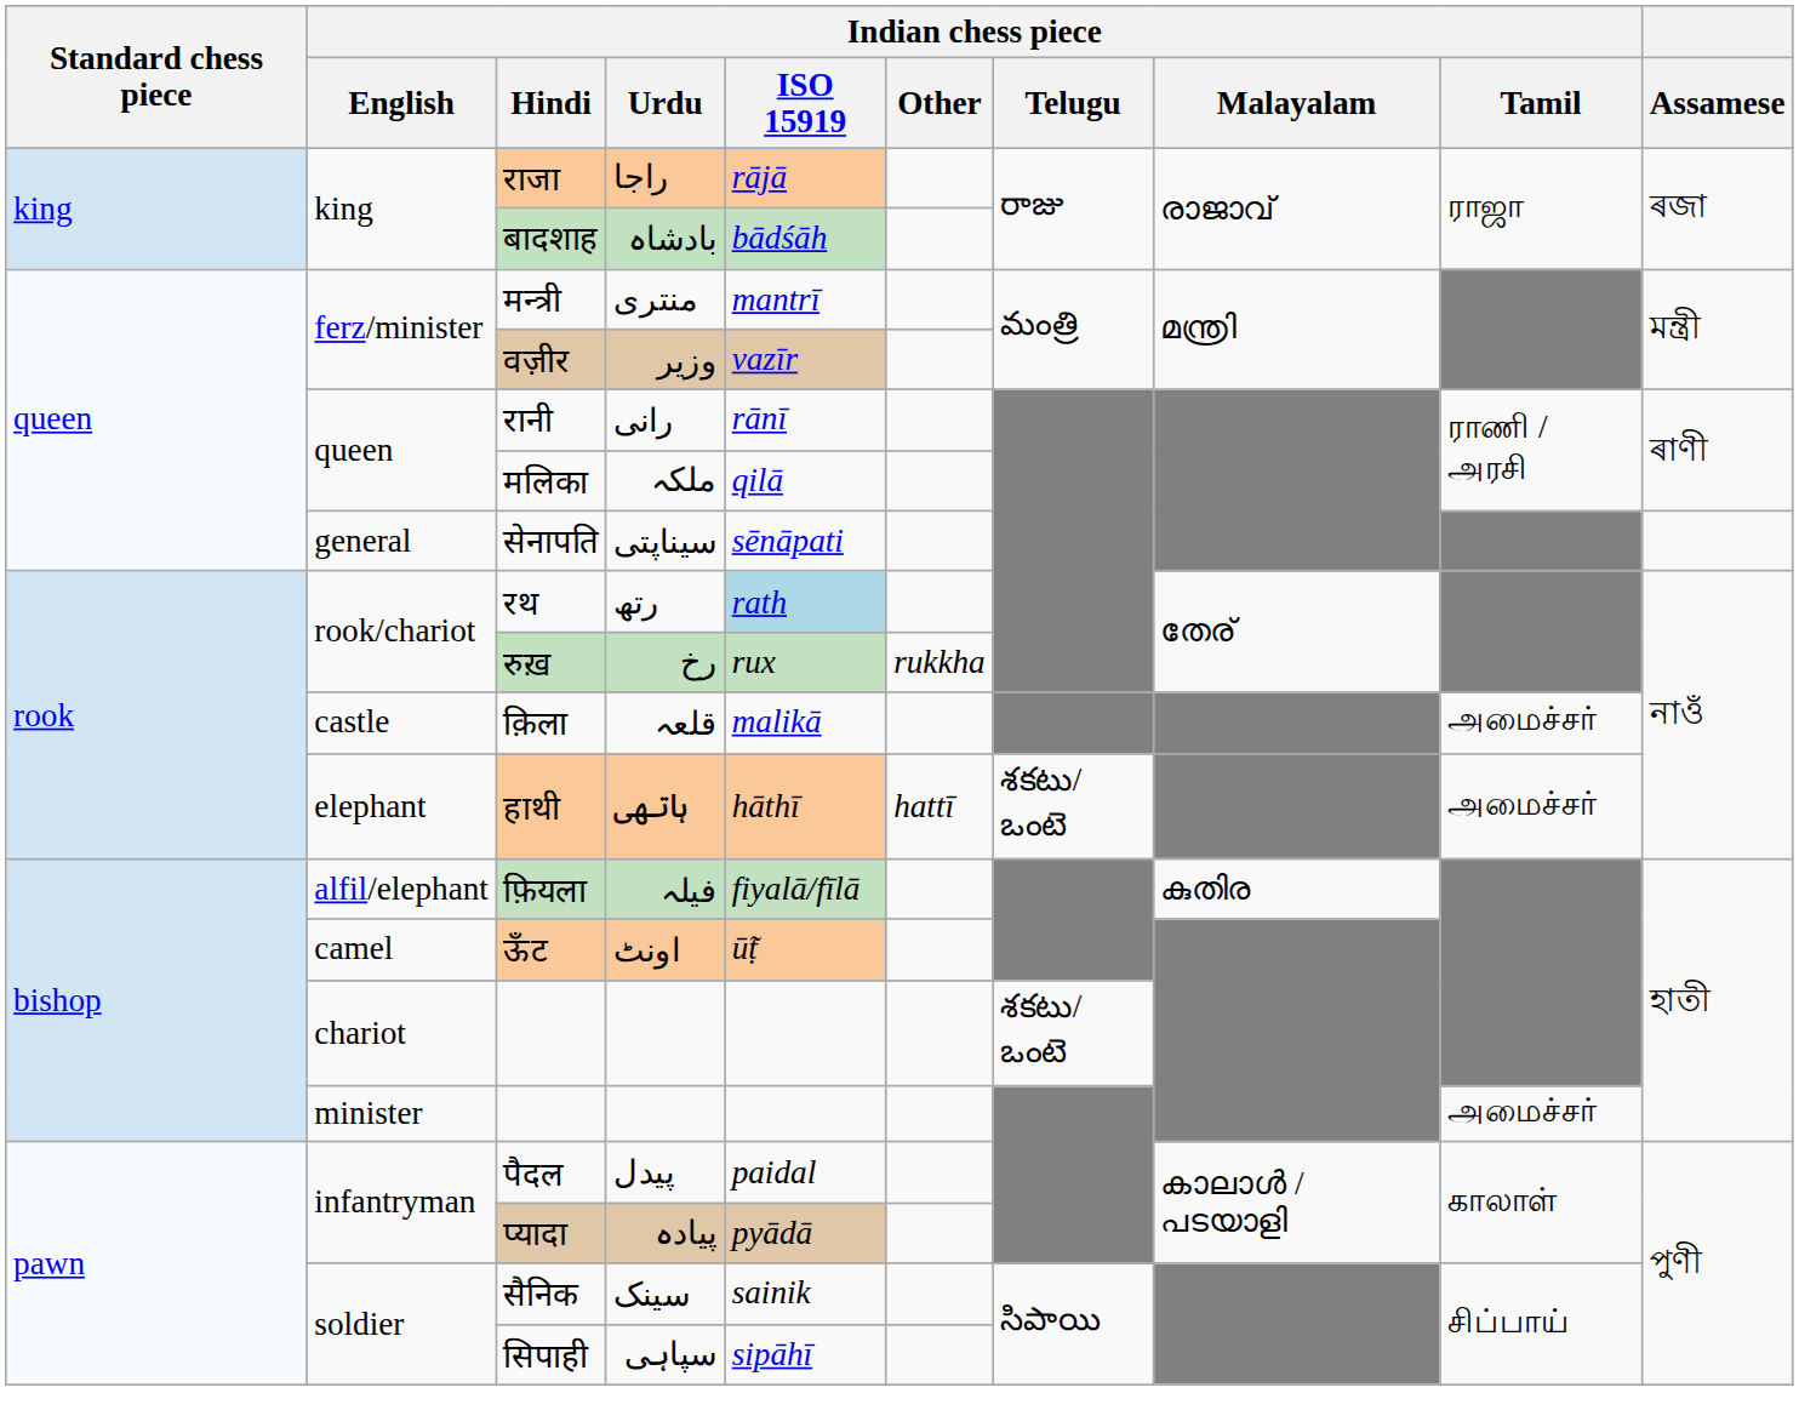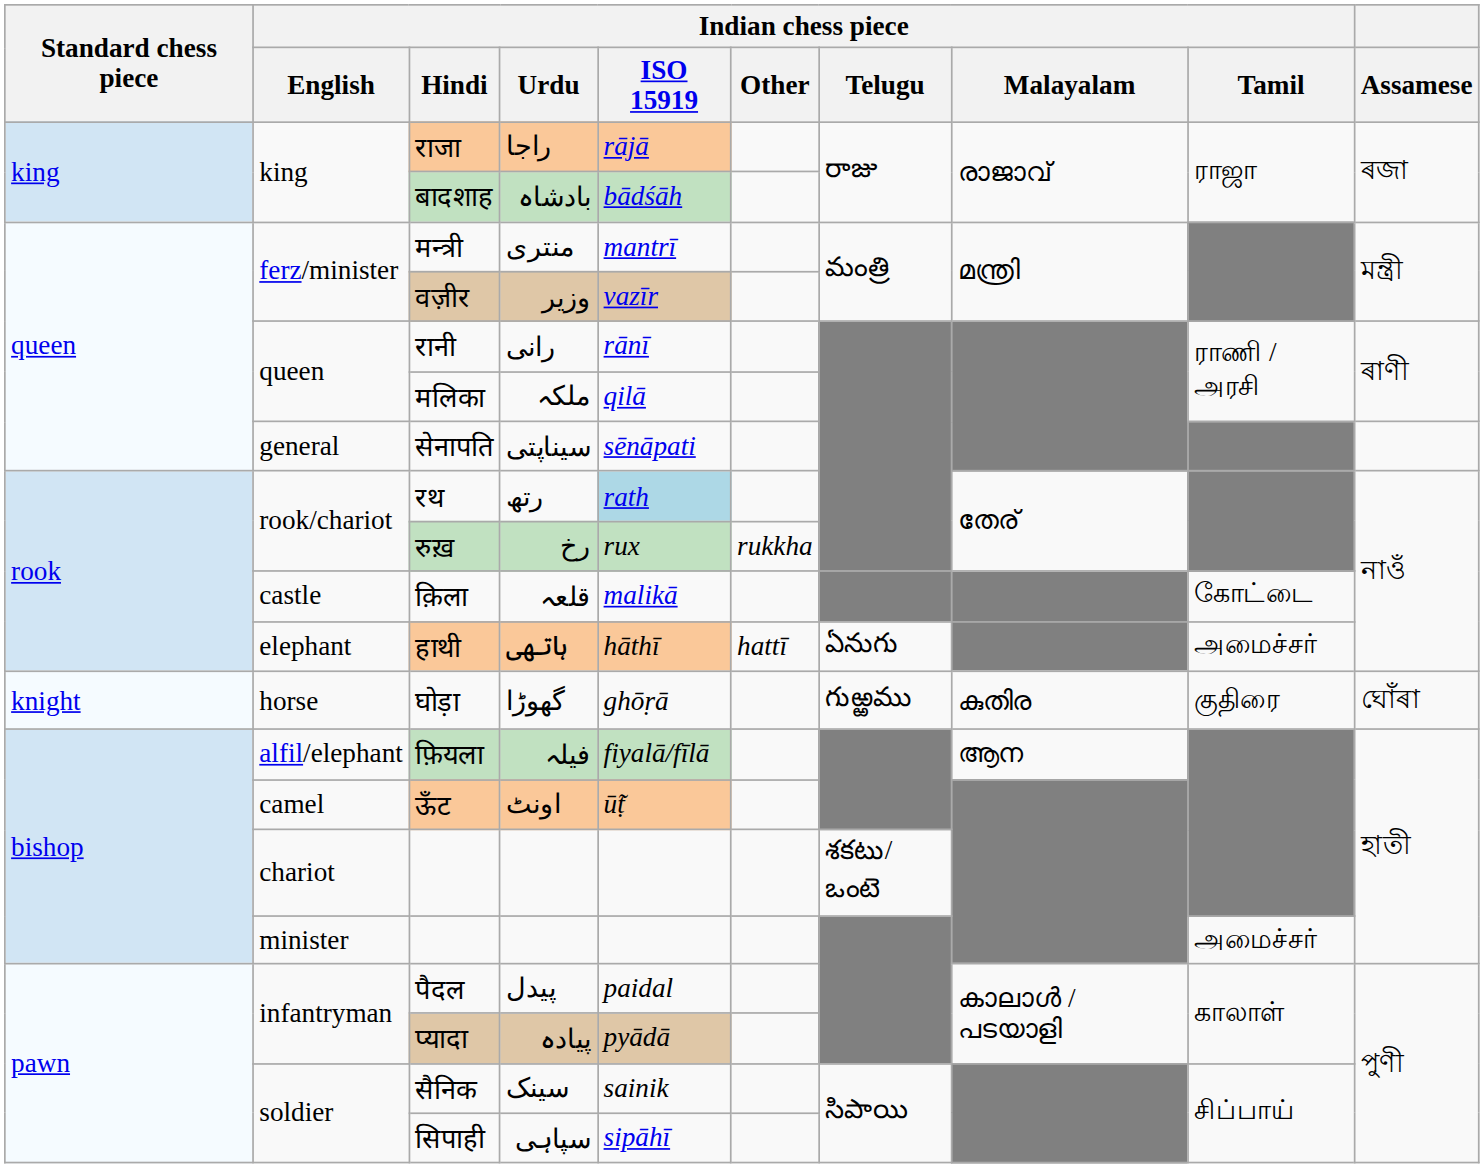 <table class="wikitable" style="text-align: left;">
 <tr>
 <th rowspan="2">Standard chess piece</th>
 <th colspan="8">Indian chess piece</th>
 <th></th>
 </tr>
 <tr>
 <th>English</th>
 <th>Hindi</th>
 <th>Urdu</th>
 <th><a href='#'>ISO 15919</a></th>
 <th>Other</th>
 <th>Telugu</th>
 <th>Malayalam</th>
 <th>Tamil</th>
 <th>Assamese</th>
 </tr>
 <tr>
 <td style="background-color: #d1e5f4;" rowspan="2"><a href='#'>king</a></td>
 <td rowspan="2">king</td>
 <td style="background-color: #FAC899;">राजा</td>
 <td style="background-color: #FAC899;">راجا</td>
 <td style="background-color: #FAC899;"><em><a href='#'>rājā</a></em></td>
 <td></td>
 <td rowspan="2">రాజు</td>
 <td rowspan="2">രാജാവ്</td>
 <td rowspan="2">ராஜா</td>
 <td rowspan="2">ৰজা</td>
 </tr>
 <tr>
 <td style="background-color: #C1E1C1;">बादशाह</td>
 <td style="text-align: right; background-color: #C1E1C1;">بادشاہ</td>
 <td style="background-color: #C1E1C1;"><em><a href='#'>bādśāh</a></em></td>
 <td></td>
 </tr>
 <tr>
 <td style="background-color: #f5fbff;" rowspan="5"><a href='#'>queen</a></td>
 <td rowspan="2"><a href='#'>ferz</a>/minister</td>
 <td>मन्त्री</td>
 <td>منتری</td>
 <td><em><a href='#'>mantrī</a></em></td>
 <td></td>
 <td rowspan="2">మంత్రి</td>
 <td rowspan="2">മന്ത്രി</td>
 <td style="background-color:grey;" rowspan="2"></td>
 <td rowspan="2">মন্ত্ৰী</td>
 </tr>
 <tr>
 <td style="background-color: #dfc7a7;">वज़ीर</td>
 <td style="text-align: right; background-color: #dfc7a7;">وزیر</td>
 <td style="background-color: #dfc7a7;"><em><a href='#'>vazīr</a></em></td>
 <td></td>
 </tr>
 <tr>
 <td rowspan="2">queen</td>
 <td>रानी</td>
 <td>رانی</td>
 <td><em><a href='#'>rānī</a></em></td>
 <td></td>
 <td style="background-color:grey;" rowspan="5"></td>
 <td style="background-color:grey;" rowspan="3"></td>
 <td rowspan="2">ராணி / அரசி</td>
 <td rowspan="2">ৰাণী</td>
 </tr>
 <tr>
 <td>मलिका</td>
 <td style="text-align: right;">ملکہ</td>
 <td><em><a href='#'>qilā</a></em></td>
 <td></td>
 </tr>
 <tr>
 <td>general</td>
 <td>सेनापति</td>
 <td>سیناپتی</td>
 <td><em><a href='#'>sēnāpati</a></em></td>
 <td></td>
 <td style="background-color:grey;"></td>
 <td></td>
 </tr>
 <tr>
 <td style="background-color: #d1e5f4;" rowspan="4"><a href='#'>rook</a></td>
 <td rowspan="2">rook/chariot</td>
 <td>रथ</td>
 <td>رتھ</td>
 <td style="background: lightblue;"><em><a href='#'>rath</a></em></td>
 <td></td>
 <td rowspan="2">തേര്</td>
 <td rowspan="2" style="background-color:grey;"></td>
 <td rowspan="4">নাওঁ</td>
 </tr>
 <tr>
 <td style="background-color: #C1E1C1;">रुख़</td>
 <td style="text-align: right; background-color: #C1E1C1;">رخ</td>
 <td style="background-color: #C1E1C1;"><em>rux</em></td>
 <td><em>rukkha</em></td>
 </tr>
 <tr>
 <td>castle</td>
 <td>क़िला</td>
 <td style="text-align: right;">قلعہ</td>
 <td><em><a href='#'>malikā</a></em></td>
 <td></td>
 <td style="background-color: grey;"></td>
 <td style="background-color: grey;"></td>
-<td>அமைச்சர்</td>
+<td>கோட்டை</td>
 </tr>
 <tr>
 <td>elephant</td>
 <td style="background-color: #FAC899;">हाथी</td>
 <td style="background-color: #FAC899;">ہاتھی</td>
 <td style="background-color: #FAC899;"><em>hāthī</em></td>
 <td><em>hattī</em></td>
-<td>శకటు/ఒంటె</td>
+<td>ఏనుగు</td>
 <td style="background-color:grey;"></td>
 <td>அமைச்சர்</td>
+</tr>
+<tr>
+<td style="background-color: #f5fbff;"><a href='#'>knight</a></td>
+<td>horse</td>
+<td>घोड़ा</td>
+<td>گھوڑا</td>
+<td><em>ghōṛā</em></td>
+<td></td>
+<td>గుఱ్ఱము</td>
+<td>കുതിര</td>
+<td>குதிரை</td>
+<td>ঘোঁৰা</td>
 </tr>
 <tr>
 <td style="background-color: #d1e5f4;" rowspan="4"><a href='#'>bishop</a></td>
 <td><a href='#'>alfil</a>/elephant</td>
 <td style="background-color: #C1E1C1;">फ़ियला</td>
 <td style="text-align: right; background-color: #C1E1C1;">فیلہ</td>
 <td style="background-color: #C1E1C1;"><em>fiyalā/fīlā</em></td>
 <td></td>
 <td style="background-color:grey;" rowspan="2"></td>
-<td>കുതിര</td>
+<td>ആന</td>
 <td style="background-color:grey;" rowspan="3"></td>
 <td rowspan="4">হাতী</td>
 </tr>
 <tr>
 <td>camel</td>
 <td style="background-color: #FAC899;">ऊँट</td>
 <td style="background-color: #FAC899;">اونٹ</td>
 <td style="background-color: #FAC899;"><em>ū̃ṭ</em></td>
 <td></td>
 <td style="background-color:grey;" rowspan="3"></td>
 </tr>
 <tr>
 <td>chariot</td>
 <td></td>
 <td></td>
 <td></td>
 <td></td>
 <td>శకటు/ఒంటె</td>
 </tr>
 <tr>
 <td>minister</td>
 <td></td>
 <td></td>
 <td></td>
 <td></td>
 <td style="background-color:grey;" rowspan="3"></td>
 <td>அமைச்சர்</td>
 </tr>
 <tr>
 <td style="background-color: #f5fbff;" rowspan="4"><a href='#'>pawn</a></td>
 <td rowspan="2">infantryman</td>
 <td>पैदल</td>
 <td>پیدل</td>
 <td><em>paidal</em></td>
 <td></td>
 <td rowspan="2">കാലാള്‍ / പടയാളി</td>
 <td rowspan="2">காலாள்</td>
 <td rowspan="4">পুণী</td>
 </tr>
 <tr>
 <td style="background-color: #dfc7a7;">प्यादा</td>
 <td style="text-align: right; background-color: #dfc7a7;">پیادہ</td>
 <td style="background-color: #dfc7a7;"><em>pyādā</em></td>
 <td></td>
 </tr>
 <tr>
 <td rowspan="2">soldier</td>
 <td>सैनिक</td>
 <td>سینک</td>
 <td><em>sainik</em></td>
 <td></td>
 <td rowspan="2">సిపాయి</td>
 <td style="background-color:grey;" rowspan="2"></td>
 <td rowspan="2">சிப்பாய்</td>
 </tr>
 <tr>
 <td>सिपाही</td>
 <td style="text-align: right;">سپاہی</td>
 <td><em><a href='#'>sipāhī</a></em></td>
 <td></td>
 </tr>
 </table>
